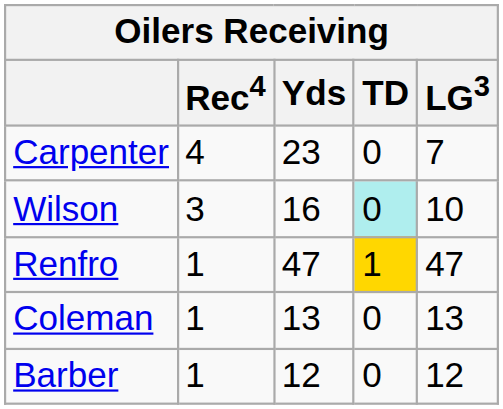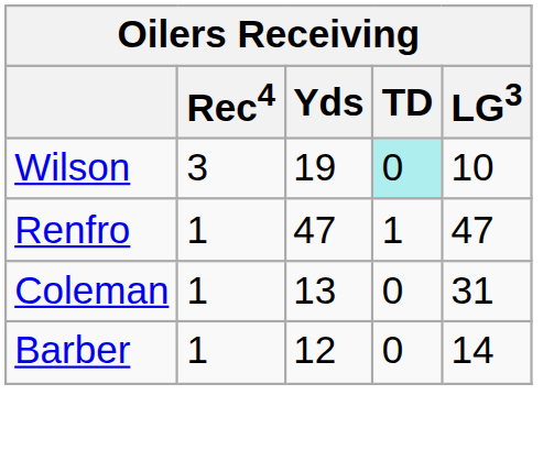 <table class="wikitable">
 <tr>
 <th colspan="5">Oilers Receiving</th>
 </tr>
 <tr>
 <th></th>
 <th>Rec<sup>4</sup></th>
 <th>Yds</th>
 <th>TD</th>
 <th>LG<sup>3</sup></th>
 </tr>
 <tr>
-<td><a href='#'>Carpenter</a></td>
-<td>4</td>
-<td>23</td>
-<td>0</td>
-<td>7</td>
-</tr>
-<tr>
 <td><a href='#'>Wilson</a></td>
 <td>3</td>
-<td>16</td>
+<td>19</td>
 <td style="background: paleturquoise;">0</td>
 <td>10</td>
 </tr>
 <tr>
 <td><a href='#'>Renfro</a></td>
 <td>1</td>
 <td>47</td>
-<td style="background: gold;">1</td>
+<td>1</td>
 <td>47</td>
 </tr>
 <tr>
 <td><a href='#'>Coleman</a></td>
 <td>1</td>
 <td>13</td>
 <td>0</td>
-<td>13</td>
+<td>31</td>
 </tr>
 <tr>
 <td><a href='#'>Barber</a></td>
 <td>1</td>
 <td>12</td>
 <td>0</td>
-<td>12</td>
+<td>14</td>
 </tr>
 </table>
